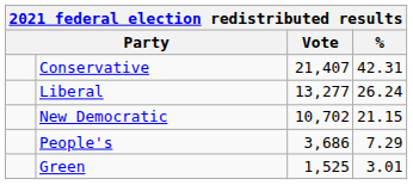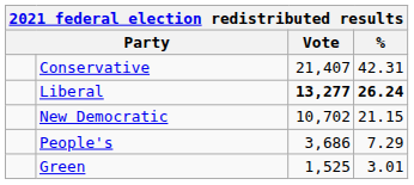 <table class="wikitable">
 <tr>
 <th colspan="4"><a href='#'>2021 federal election</a> redistributed results</th>
 </tr>
 <tr>
 <th bgcolor="#DDDDFF" width="130px" colspan="2">Party</th>
 <th bgcolor="#DDDDFF" width="50px">Vote</th>
 <th bgcolor="#DDDDFF" width="30px">%</th>
 </tr>
 <tr>
 <td> </td>
 <td><a href='#'>Conservative</a></td>
 <td align=right>21,407</td>
 <td align=right>42.31</td>
 </tr>
 <tr>
 <td> </td>
 <td><a href='#'>Liberal</a></td>
-<td align=right>13,277</td>
-<td align=right>26.24</td>
+<td align=right><strong>13,277</strong></td>
+<td align=right><strong>26.24</strong></td>
 </tr>
 <tr>
 <td> </td>
 <td><a href='#'>New Democratic</a></td>
 <td align=right>10,702</td>
 <td align=right>21.15</td>
 </tr>
 <tr>
 <td> </td>
 <td><a href='#'>People's</a></td>
 <td align=right>3,686</td>
 <td align=right>7.29</td>
 </tr>
 <tr>
 <td> </td>
 <td><a href='#'>Green</a></td>
 <td align=right>1,525</td>
 <td align=right>3.01</td>
 </tr>
 </table>
